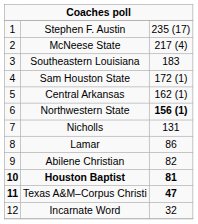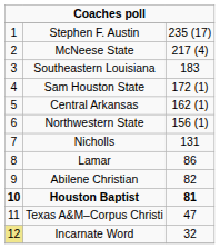 <table class="wikitable">
 <tr align="center">
 <td align="center" Colspan="3"><strong>Coaches poll</strong></td>
 </tr>
 <tr align="center">
 </tr>
 <tr align="center">
 <td>1</td>
 <td>Stephen F. Austin</td>
 <td>235 (17)</td>
 </tr>
 <tr align="center">
 <td>2</td>
 <td>McNeese State</td>
 <td>217 (4)</td>
 </tr>
 <tr align="center">
 <td>3</td>
 <td>Southeastern Louisiana</td>
 <td>183</td>
 </tr>
 <tr align="center">
 <td>4</td>
 <td>Sam Houston State</td>
 <td>172 (1)</td>
 </tr>
 <tr align="center">
 <td>5</td>
 <td>Central Arkansas</td>
 <td>162 (1)</td>
 </tr>
 <tr align="center">
 <td>6</td>
 <td>Northwestern State</td>
-<td><strong>156 (1)</strong></td>
+<td>156 (1)</td>
 </tr>
 <tr align="center">
 <td>7</td>
 <td>Nicholls</td>
 <td>131</td>
 </tr>
 <tr align="center">
 <td>8</td>
 <td>Lamar</td>
 <td>86</td>
 </tr>
 <tr align="center">
 <td>9</td>
 <td>Abilene Christian</td>
 <td>82</td>
 </tr>
 <tr align="center">
 <td><strong>10</strong></td>
 <td><strong>Houston Baptist</strong></td>
 <td><strong>81</strong></td>
 </tr>
 <tr align="center">
-<td><strong>11</strong></td>
+<td>11</td>
 <td>Texas A&M–Corpus Christi</td>
-<td><strong>47</strong></td>
+<td>47</td>
 </tr>
 <tr align="center">
-<td>12</td>
+<td style="background: khaki;">12</td>
 <td>Incarnate Word</td>
 <td>32</td>
 </tr>
 <tr align="center">
 </tr>
 </table>
